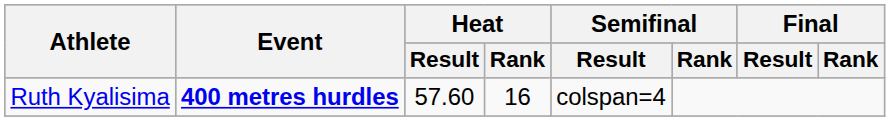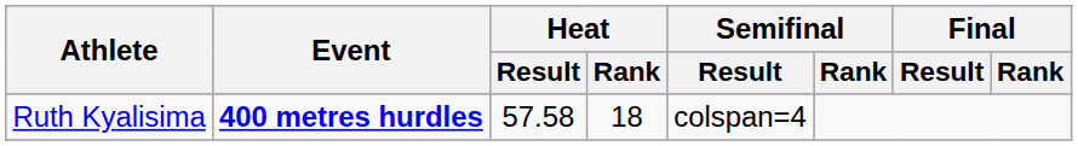 <table class=wikitable style=font-size:90%>
 <tr>
 <th rowspan=2>Athlete</th>
 <th rowspan=2>Event</th>
 <th colspan=2>Heat</th>
 <th colspan=2>Semifinal</th>
 <th colspan=2>Final</th>
 </tr>
 <tr style=font-size:95%>
 <th>Result</th>
 <th>Rank</th>
 <th>Result</th>
 <th>Rank</th>
 <th>Result</th>
 <th>Rank</th>
 </tr>
 <tr align=center>
 <td align=left><a href='#'>Ruth Kyalisima</a></td>
 <td align=left><strong><a href='#'>400 metres hurdles</a></strong></td>
-<td>57.60</td>
-<td>16</td>
+<td>57.58</td>
+<td>18</td>
 <td>colspan=4 </td>
 </tr>
 </table>
